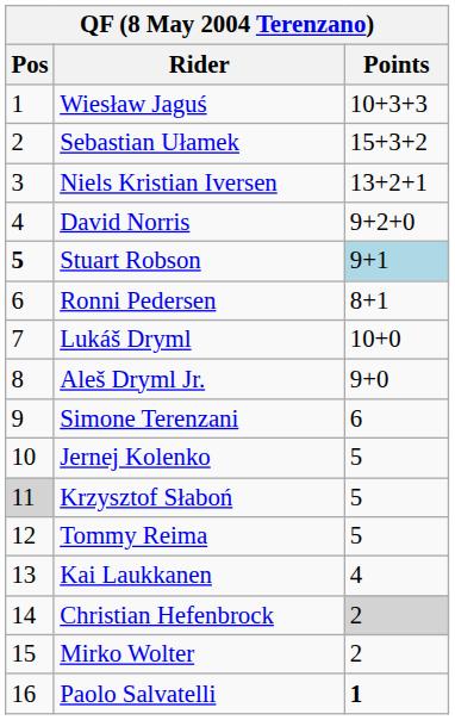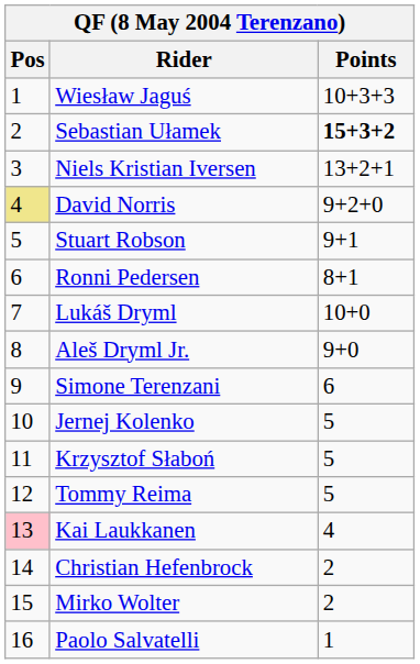 <table class="wikitable">
 <tr>
 <th colspan="6">QF (8 May 2004  <a href='#'>Terenzano</a>)</th>
 </tr>
 <tr>
 <th width=20>Pos</th>
 <th width=180>Rider</th>
 <th width=60>Points</th>
 </tr>
 <tr>
 <td>1</td>
 <td style="text-align:left;"> <a href='#'>Wiesław Jaguś</a></td>
 <td>10+3+3</td>
 </tr>
 <tr>
 <td>2</td>
 <td style="text-align:left;"> <a href='#'>Sebastian Ułamek</a></td>
-<td>15+3+2</td>
+<td><strong>15+3+2</strong></td>
 </tr>
 <tr>
 <td>3</td>
 <td style="text-align:left;"> <a href='#'>Niels Kristian Iversen</a></td>
 <td>13+2+1</td>
 </tr>
 <tr>
-<td>4</td>
+<td style="background: khaki;">4</td>
 <td style="text-align:left;"> <a href='#'>David Norris</a></td>
 <td>9+2+0</td>
 </tr>
 <tr>
-<td><strong>5</strong></td>
+<td>5</td>
 <td style="text-align:left;"> <a href='#'>Stuart Robson</a></td>
-<td style="background: lightblue;">9+1</td>
+<td>9+1</td>
 </tr>
 <tr>
 <td>6</td>
 <td style="text-align:left;"> <a href='#'>Ronni Pedersen</a></td>
 <td>8+1</td>
 </tr>
 <tr>
 <td>7</td>
 <td style="text-align:left;"> <a href='#'>Lukáš Dryml</a></td>
 <td>10+0</td>
 </tr>
 <tr>
 <td>8</td>
 <td style="text-align:left;"> <a href='#'>Aleš Dryml Jr.</a></td>
 <td>9+0</td>
 </tr>
 <tr>
 <td>9</td>
 <td style="text-align:left;"> <a href='#'>Simone Terenzani</a></td>
 <td>6</td>
 </tr>
 <tr>
 <td>10</td>
 <td style="text-align:left;"> <a href='#'>Jernej Kolenko</a></td>
 <td>5</td>
 </tr>
 <tr>
-<td style="background: lightgrey;">11</td>
+<td>11</td>
 <td style="text-align:left;"> <a href='#'>Krzysztof Słaboń</a></td>
 <td>5</td>
 </tr>
 <tr>
 <td>12</td>
 <td style="text-align:left;"> <a href='#'>Tommy Reima</a></td>
 <td>5</td>
 </tr>
 <tr>
-<td>13</td>
+<td style="background: pink;">13</td>
 <td style="text-align:left;"> <a href='#'>Kai Laukkanen</a></td>
 <td>4</td>
 </tr>
 <tr>
 <td>14</td>
 <td style="text-align:left;"> <a href='#'>Christian Hefenbrock</a></td>
-<td style="background: lightgrey;">2</td>
+<td>2</td>
 </tr>
 <tr>
 <td>15</td>
 <td style="text-align:left;"> <a href='#'>Mirko Wolter</a></td>
 <td>2</td>
 </tr>
 <tr>
 <td>16</td>
 <td style="text-align:left;"> <a href='#'>Paolo Salvatelli</a></td>
-<td><strong>1</strong></td>
+<td>1</td>
 </tr>
 </table>
